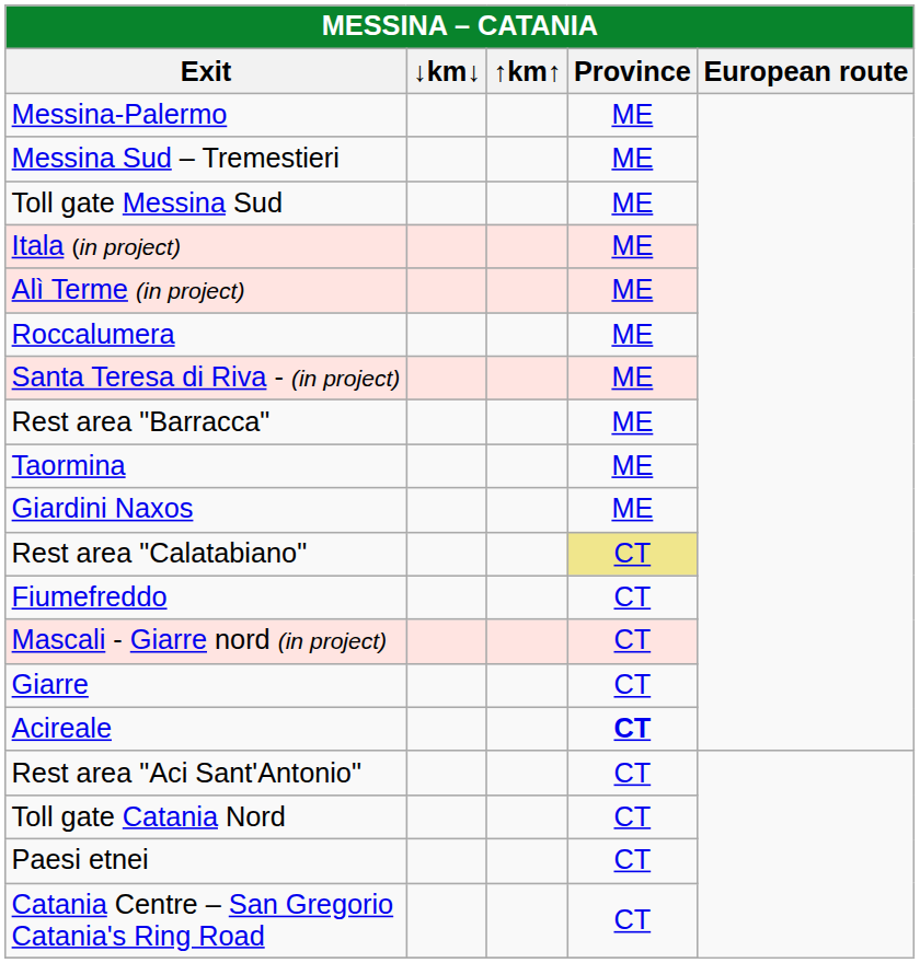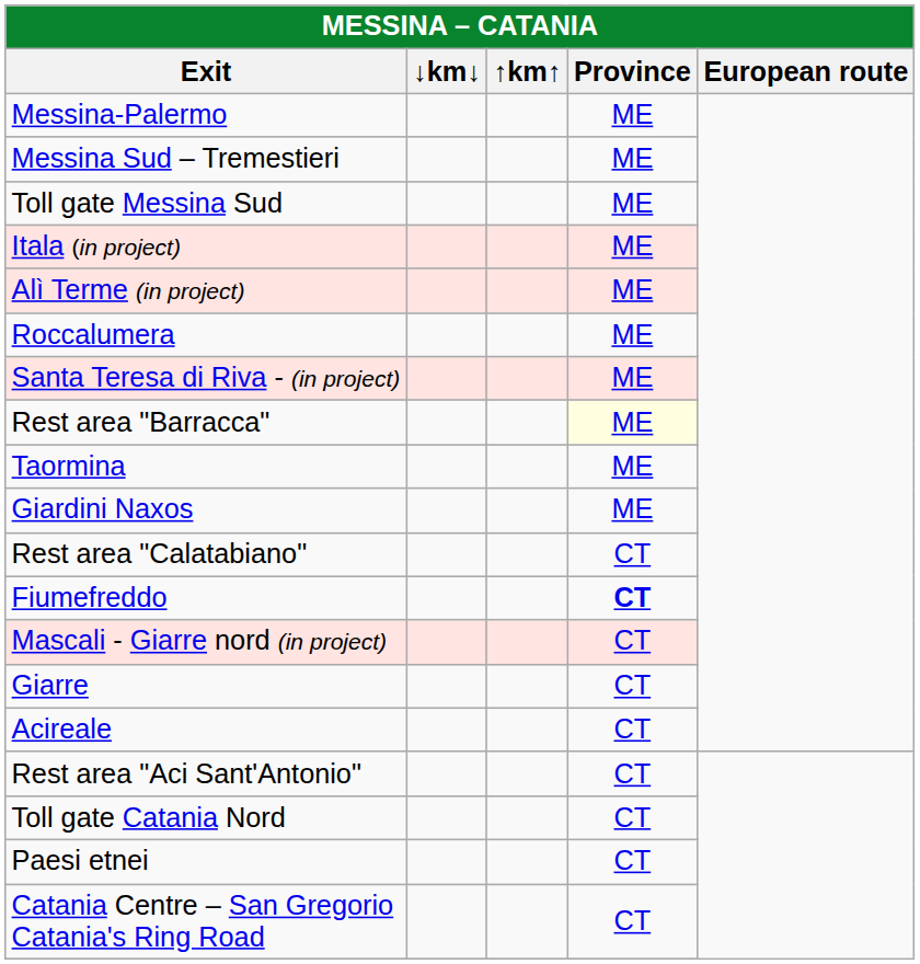 <table class="wikitable">
 <tr align="center" style="color: white;" bgcolor="#08842c">
 <td colspan="6"><strong> MESSINA – CATANIA</strong></td>
 </tr>
 <tr>
 <th><strong>Exit</strong></th>
 <th align="center"><strong>↓km↓</strong></th>
 <th align="center"><strong>↑km↑</strong></th>
 <th align="center"><strong>Province</strong></th>
 <th align="center"><strong>European route</strong></th>
 </tr>
 <tr>
 <td>   <a href='#'>Messina-Palermo</a></td>
 <td align="right"></td>
 <td align="right"></td>
 <td align="center"><a href='#'>ME</a></td>
 <td rowspan="15" align="center"></td>
 </tr>
 <tr>
 <td> <a href='#'>Messina Sud</a> – Tremestieri</td>
 <td align="right"></td>
 <td align="right"></td>
 <td align="center"><a href='#'>ME</a></td>
 </tr>
 <tr>
 <td> Toll gate <a href='#'>Messina</a> Sud</td>
 <td align="right"></td>
 <td align="right"></td>
 <td align="center"><a href='#'>ME</a></td>
 </tr>
 <tr bgcolor="ffe4e1">
 <td> <a href='#'>Itala</a> <small>(<em>in project)</em></small></td>
 <td align="right"></td>
 <td align="right"></td>
 <td align="center"><a href='#'>ME</a></td>
 </tr>
 <tr bgcolor="ffe4e1">
 <td> <a href='#'>Alì Terme</a> <small><em>(in project)</em></small></td>
 <td align="right"></td>
 <td align="right"></td>
 <td align="center"><a href='#'>ME</a></td>
 </tr>
 <tr>
 <td> <a href='#'>Roccalumera</a></td>
 <td align="right"></td>
 <td align="right"></td>
 <td align="center"><a href='#'>ME</a></td>
 </tr>
 <tr bgcolor="ffe4e1">
 <td> <a href='#'>Santa Teresa di Riva</a> -  <small><em>(in project)</em></small></td>
 <td align="right"></td>
 <td align="right"></td>
 <td align="center"><a href='#'>ME</a></td>
 </tr>
 <tr>
 <td> Rest area "Barracca"</td>
 <td align="right"></td>
 <td align="right"></td>
-<td align="center"><a href='#'>ME</a></td>
+<td align="center" style="background: lightyellow;"><a href='#'>ME</a></td>
 </tr>
 <tr>
 <td> <a href='#'>Taormina</a></td>
 <td align="right"></td>
 <td align="right"></td>
 <td align="center"><a href='#'>ME</a></td>
 </tr>
 <tr>
 <td> <a href='#'>Giardini Naxos</a></td>
 <td align="right"></td>
 <td align="right"></td>
 <td align="center"><a href='#'>ME</a></td>
 </tr>
 <tr>
 <td> Rest area "Calatabiano"</td>
 <td align="right"></td>
 <td align="right"></td>
-<td align="center" style="background: khaki;"><a href='#'>CT</a></td>
+<td align="center"><a href='#'>CT</a></td>
 </tr>
 <tr>
 <td> <a href='#'>Fiumefreddo</a></td>
 <td align="right"></td>
 <td align="right"></td>
-<td align="center"><a href='#'>CT</a></td>
+<td align="center"><strong><a href='#'>CT</a></strong></td>
 </tr>
 <tr bgcolor="ffe4e1">
 <td> <a href='#'>Mascali</a> - <a href='#'>Giarre</a> nord <small><em>(in project)</em></small></td>
 <td align="right"></td>
 <td align="right"></td>
 <td align="center"><a href='#'>CT</a></td>
 </tr>
 <tr>
 <td> <a href='#'>Giarre</a></td>
 <td align="right"></td>
 <td align="right"></td>
 <td align="center"><a href='#'>CT</a></td>
 </tr>
 <tr>
 <td> <a href='#'>Acireale</a></td>
 <td align="right"></td>
 <td align="right"></td>
-<td align="center"><strong><a href='#'>CT</a></strong></td>
+<td align="center"><a href='#'>CT</a></td>
 </tr>
 <tr>
 <td> Rest area "Aci Sant'Antonio"</td>
 <td align="right"></td>
 <td align="right"></td>
 <td align="center"><a href='#'>CT</a></td>
 </tr>
 <tr>
 <td> Toll gate <a href='#'>Catania</a> Nord</td>
 <td align="right"></td>
 <td align="right"></td>
 <td align="center"><a href='#'>CT</a></td>
 </tr>
 <tr>
 <td> Paesi etnei</td>
 <td align="right"></td>
 <td align="right"></td>
 <td align="center"><a href='#'>CT</a></td>
 </tr>
 <tr>
 <td>  <a href='#'>Catania</a> Centre – <a href='#'>San Gregorio</a><br> <a href='#'>Catania's Ring Road</a></td>
 <td align="right"></td>
 <td align="right"></td>
 <td align="center"><a href='#'>CT</a></td>
 </tr>
 <tr>
 </tr>
 </table>
